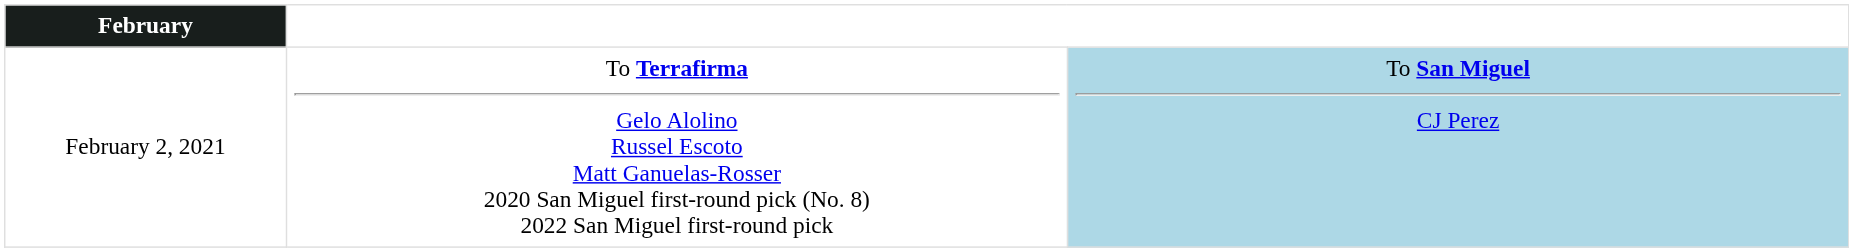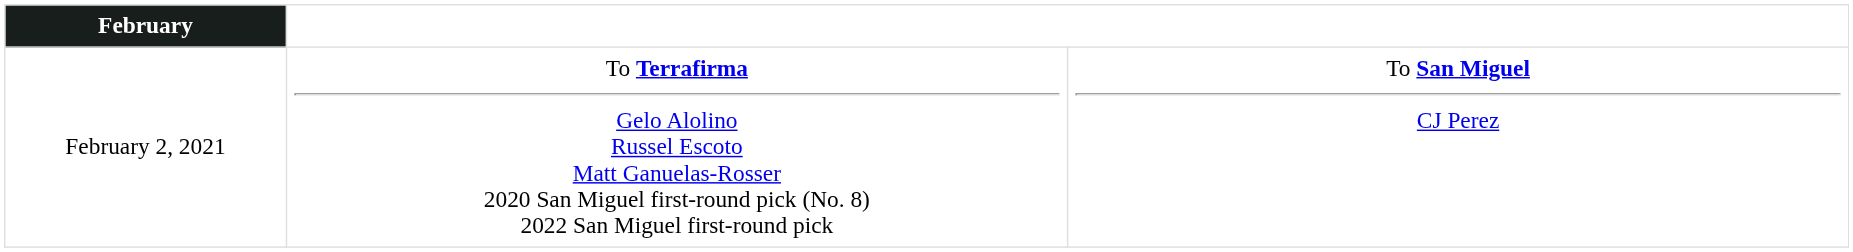 <table border=1 style="border-collapse:collapse; text-align: center; width: 100%" bordercolor="#DFDFDF"  cellpadding="5">
 <tr bgcolor="eeeeee">
 <th style="background:#181E1C; color:#FFFFFF; ">February</th>
 </tr>
 <tr>
 <td style="width:12%">February 2, 2021</td>
 <td style="width:33.3%" valign="top">To <strong><a href='#'>Terrafirma</a></strong><hr><a href='#'>Gelo Alolino</a><br><a href='#'>Russel Escoto</a><br><a href='#'>Matt Ganuelas-Rosser</a><br>2020 San Miguel first-round pick (No. 8)<br>2022 San Miguel first-round pick</td>
-<td style="background: lightblue; width:33.3%" valign="top">To <strong><a href='#'>San Miguel</a></strong><hr><a href='#'>CJ Perez</a></td>
+<td style="width:33.3%" valign="top">To <strong><a href='#'>San Miguel</a></strong><hr><a href='#'>CJ Perez</a></td>
 </tr>
 </table>
